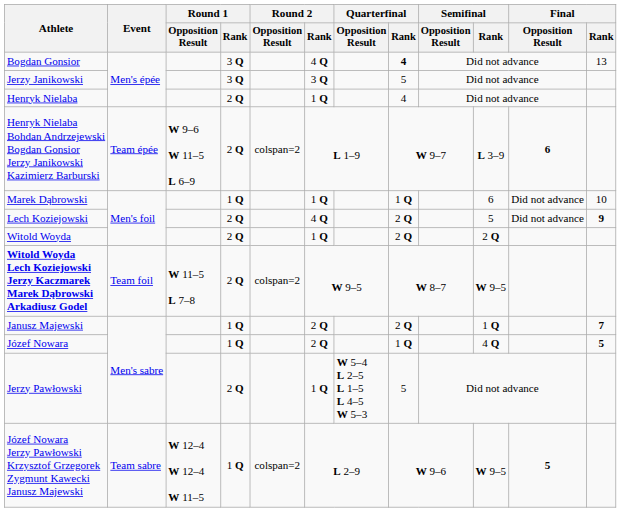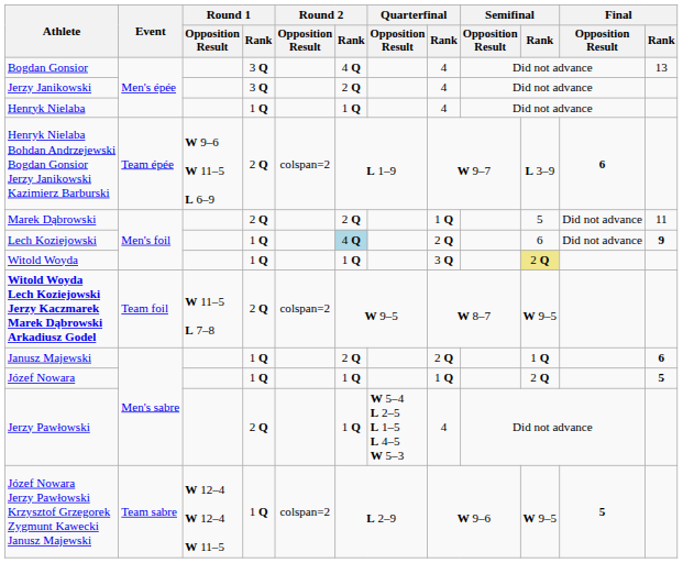 <table class="wikitable" style="font-size:90%;">
 <tr>
 <th rowspan="2">Athlete</th>
 <th rowspan="2">Event</th>
 <th colspan="2">Round 1</th>
 <th colspan="2">Round 2</th>
 <th colspan="2">Quarterfinal</th>
 <th colspan="2">Semifinal</th>
 <th colspan=2>Final</th>
 </tr>
 <tr style="font-size:95%">
 <th>Opposition<br>Result</th>
 <th>Rank</th>
 <th>Opposition<br>Result</th>
 <th>Rank</th>
 <th>Opposition<br>Result</th>
 <th>Rank</th>
 <th>Opposition<br>Result</th>
 <th>Rank</th>
 <th>Opposition<br>Result</th>
 <th>Rank</th>
 </tr>
 <tr align=center>
 <td align=left><a href='#'>Bogdan Gonsior</a></td>
 <td align=left rowspan=3><a href='#'>Men's épée</a></td>
 <td></td>
 <td>3 <strong>Q</strong></td>
 <td></td>
 <td>4 <strong>Q</strong></td>
 <td></td>
-<td><strong>4</strong></td>
+<td>4</td>
 <td colspan=3>Did not advance</td>
 <td>13</td>
 </tr>
 <tr align=center>
 <td align=left><a href='#'>Jerzy Janikowski</a></td>
 <td></td>
 <td>3 <strong>Q</strong></td>
 <td></td>
-<td>3 <strong>Q</strong></td>
+<td>2 <strong>Q</strong></td>
 <td></td>
-<td>5</td>
+<td>4</td>
 <td colspan=3>Did not advance</td>
 <td></td>
 </tr>
 <tr align=center>
 <td align=left><a href='#'>Henryk Nielaba</a></td>
 <td></td>
-<td>2 <strong>Q</strong></td>
+<td>1 <strong>Q</strong></td>
 <td></td>
 <td>1 <strong>Q</strong></td>
 <td></td>
 <td>4</td>
 <td colspan=3>Did not advance</td>
 <td></td>
 </tr>
 <tr align=center>
 <td align=left><a href='#'>Henryk Nielaba</a><br><a href='#'>Bohdan Andrzejewski</a><br><a href='#'>Bogdan Gonsior</a><br><a href='#'>Jerzy Janikowski</a><br><a href='#'>Kazimierz Barburski</a></td>
 <td align=left><a href='#'>Team épée</a></td>
 <td align=left><br> <strong>W</strong> 9–6<br><br> <strong>W</strong> 11–5<br><br> <strong>L</strong> 6–9</td>
 <td>2 <strong>Q</strong></td>
 <td>colspan=2 </td>
 <td colspan=2><br> <strong>L</strong> 1–9</td>
 <td colspan=2><br> <strong>W</strong> 9–7</td>
 <td><br> <strong>L</strong> 3–9</td>
 <td><strong>6</strong></td>
 </tr>
 <tr align=center>
 <td align=left><a href='#'>Marek Dąbrowski</a></td>
 <td align=left rowspan=3><a href='#'>Men's foil</a></td>
 <td></td>
-<td>1 <strong>Q</strong></td>
+<td>2 <strong>Q</strong></td>
+<td></td>
+<td>2 <strong>Q</strong></td>
 <td></td>
 <td>1 <strong>Q</strong></td>
 <td></td>
-<td>1 <strong>Q</strong></td>
-<td></td>
-<td>6</td>
+<td>5</td>
 <td colspan=1>Did not advance</td>
-<td>10</td>
+<td>11</td>
 </tr>
 <tr align=center>
 <td align=left><a href='#'>Lech Koziejowski</a></td>
 <td></td>
-<td>2 <strong>Q</strong></td>
+<td>1 <strong>Q</strong></td>
 <td></td>
-<td>4 <strong>Q</strong></td>
+<td style="background: lightblue;">4 <strong>Q</strong></td>
 <td></td>
 <td>2 <strong>Q</strong></td>
 <td></td>
-<td>5</td>
+<td>6</td>
 <td colspan=1>Did not advance</td>
 <td><strong>9</strong></td>
 </tr>
 <tr align=center>
 <td align=left><a href='#'>Witold Woyda</a></td>
 <td></td>
-<td>2 <strong>Q</strong></td>
+<td>1 <strong>Q</strong></td>
 <td></td>
 <td>1 <strong>Q</strong></td>
 <td></td>
-<td>2 <strong>Q</strong></td>
+<td>3 <strong>Q</strong></td>
 <td></td>
-<td>2 <strong>Q</strong></td>
+<td style="background: khaki;">2 <strong>Q</strong></td>
 <td></td>
 <td></td>
 </tr>
 <tr align=center>
 <td align=left><strong><a href='#'>Witold Woyda</a><br><a href='#'>Lech Koziejowski</a><br><a href='#'>Jerzy Kaczmarek</a><br><a href='#'>Marek Dąbrowski</a><br><a href='#'>Arkadiusz Godel</a></strong></td>
 <td align=left><a href='#'>Team foil</a></td>
 <td align=left><br> <strong>W</strong> 11–5<br><br> <strong>L</strong> 7–8</td>
 <td>2 <strong>Q</strong></td>
 <td>colspan=2 </td>
 <td colspan=2><br> <strong>W</strong> 9–5</td>
 <td colspan=2><br> <strong>W</strong> 8–7</td>
 <td><br> <strong>W</strong> 9–5</td>
 <td></td>
 </tr>
 <tr align=center>
 <td align=left><a href='#'>Janusz Majewski</a></td>
 <td align=left rowspan=3><a href='#'>Men's sabre</a></td>
 <td></td>
 <td>1 <strong>Q</strong></td>
 <td></td>
 <td>2 <strong>Q</strong></td>
 <td></td>
 <td>2 <strong>Q</strong></td>
 <td></td>
 <td>1 <strong>Q</strong></td>
 <td></td>
-<td><strong>7</strong></td>
+<td><strong>6</strong></td>
 </tr>
 <tr align=center>
 <td align=left><a href='#'>Józef Nowara</a></td>
 <td></td>
 <td>1 <strong>Q</strong></td>
 <td></td>
-<td>2 <strong>Q</strong></td>
+<td>1 <strong>Q</strong></td>
 <td></td>
 <td>1 <strong>Q</strong></td>
 <td></td>
-<td>4 <strong>Q</strong></td>
+<td>2 <strong>Q</strong></td>
 <td></td>
 <td><strong>5</strong></td>
 </tr>
 <tr align=center>
 <td align=left><a href='#'>Jerzy Pawłowski</a></td>
 <td></td>
 <td>2 <strong>Q</strong></td>
 <td></td>
 <td>1 <strong>Q</strong></td>
 <td align=left> <strong>W</strong> 5–4<br> <strong>L</strong> 2–5<br> <strong>L</strong> 1–5<br> <strong>L</strong> 4–5<br> <strong>W</strong> 5–3</td>
-<td>5</td>
+<td>4</td>
 <td colspan=3>Did not advance</td>
 <td></td>
 </tr>
 <tr align=center>
 <td align=left><a href='#'>Józef Nowara</a><br><a href='#'>Jerzy Pawłowski</a><br><a href='#'>Krzysztof Grzegorek</a><br><a href='#'>Zygmunt Kawecki</a><br><a href='#'>Janusz Majewski</a></td>
 <td align=left><a href='#'>Team sabre</a></td>
 <td align=left><br> <strong>W</strong> 12–4<br><br> <strong>W</strong> 12–4<br><br> <strong>W</strong> 11–5</td>
 <td>1 <strong>Q</strong></td>
 <td>colspan=2 </td>
 <td colspan=2><br> <strong>L</strong> 2–9</td>
 <td colspan=2><br> <strong>W</strong> 9–6</td>
 <td><br> <strong>W</strong> 9–5</td>
 <td><strong>5</strong></td>
 </tr>
 </table>
